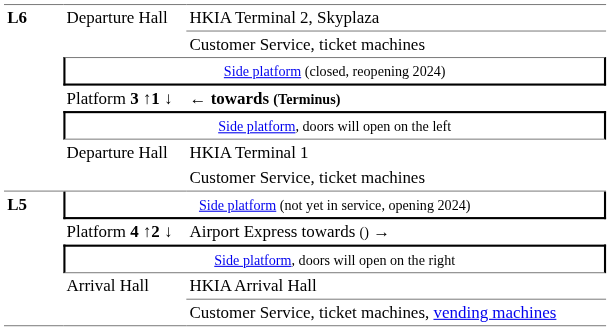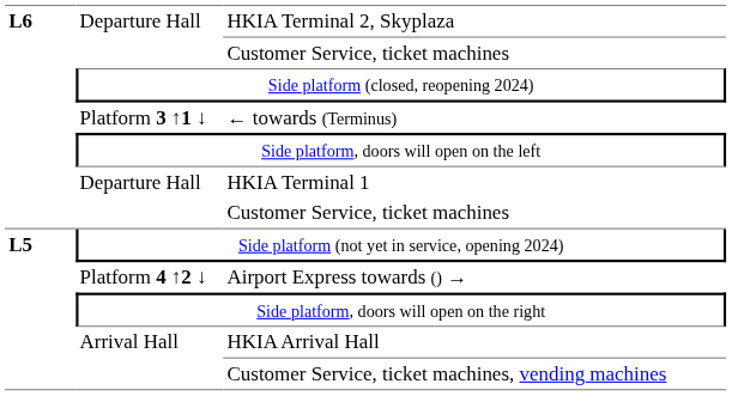 <table border=0 cellspacing=0 cellpadding=3>
 <tr>
 <td style="border-top:solid 1px gray;border-bottom:solid 1px gray;width:50px;vertical-align:top;" rowspan=7><strong>L6</strong></td>
 <td style="border-top:solid 1px gray;width:110px;vertical-align:top;" rowspan=2>Departure Hall</td>
 <td style="border-top:solid 1px gray;width:390px;vertical-align:top;">HKIA Terminal 2, Skyplaza</td>
 </tr>
 <tr>
 <td style="border-top:solid 1px gray;">Customer Service, ticket machines</td>
 </tr>
 <tr>
 <td style="border-top:solid 1px gray;border-right:solid 2px black;border-left:solid 2px black;border-bottom:solid 2px black;text-align:center;" colspan=2><small><a href='#'>Side platform</a> (closed, reopening 2024)</small></td>
 </tr>
 <tr>
 <td>Platform <span><strong>3 ↑1 ↓</strong></span></td>
-<td rowspan=1><strong>←  towards  <small>(Terminus)</small></strong></td>
+<td rowspan=1>←  towards  <small>(Terminus)</small></td>
 </tr>
 <tr>
 <td style="border-top:solid 2px black;border-right:solid 2px black;border-left:solid 2px black;border-bottom:solid 1px gray;text-align:center;" colspan=2><small><a href='#'>Side platform</a>, doors will open on the left</small></td>
 </tr>
 <tr>
 <td style="border-bottom:solid 1px gray;vertical-align:top;" rowspan=2>Departure Hall</td>
 <td>HKIA Terminal 1</td>
 </tr>
 <tr>
 <td style="border-bottom:solid 1px gray;">Customer Service, ticket machines</td>
 </tr>
 <tr>
 <td style="border-bottom:solid 1px gray;vertical-align:top;" rowspan=5><strong>L5</strong></td>
 <td style="border-top:solid 0px gray;border-right:solid 2px black;border-left:solid 2px black;border-bottom:solid 2px black;text-align:center;" colspan=2><small><a href='#'>Side platform</a> (not yet in service, opening 2024)</small></td>
 </tr>
 <tr>
 <td>Platform <span><strong>4 ↑2 ↓</strong></span></td>
 <td>  Airport Express towards  <small>()</small> →</td>
 </tr>
 <tr>
 <td style="border-top:solid 2px black;border-right:solid 2px black;border-left:solid 2px black;border-bottom:solid 1px gray;text-align:center;" colspan=2><small><a href='#'>Side platform</a>, doors will open on the right</small></td>
 </tr>
 <tr>
 <td style="border-bottom:solid 1px gray;vertical-align:top;" rowspan=2>Arrival Hall</td>
 <td>HKIA Arrival Hall</td>
 </tr>
 <tr>
 <td style="border-top:solid 1px gray;border-bottom:solid 1px gray;">Customer Service, ticket machines, <a href='#'>vending machines</a></td>
 </tr>
 </table>
